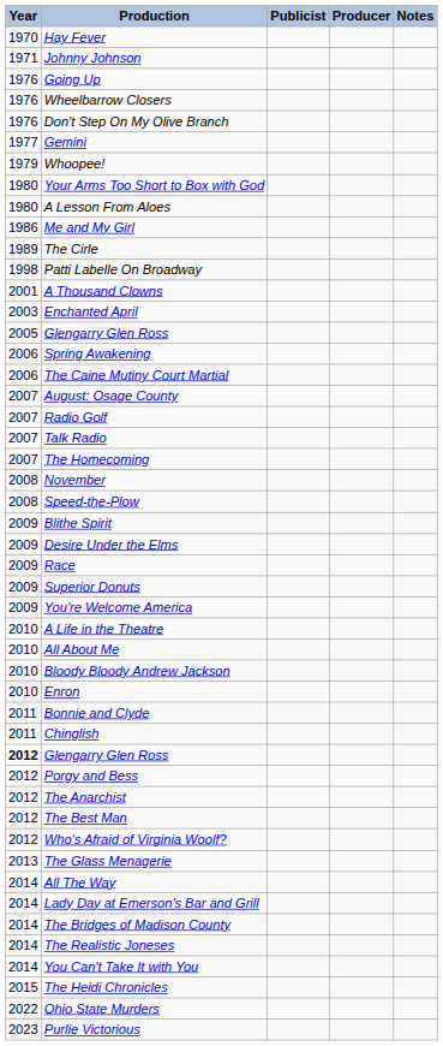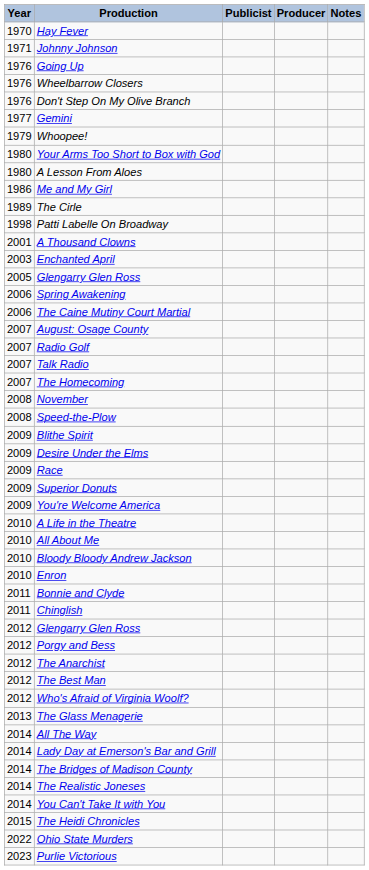 <table class="wikitable sortable" style="font-size: 95%;">
 <tr>
 <th scope="col" style="background:#B0C4DE;">Year</th>
 <th scope="col" style="background:#B0C4DE;">Production</th>
 <th scope="col" style="background:#B0C4DE;">Publicist</th>
 <th scope="col" style="background:#B0C4DE;">Producer</th>
 <th scope="col" style="background:#B0C4DE;">Notes</th>
 </tr>
 <tr>
 <td>1970</td>
 <td><em><a href='#'>Hay Fever</a></em></td>
 <td></td>
 <td></td>
 <td></td>
 </tr>
 <tr>
 <td>1971</td>
 <td><em><a href='#'>Johnny Johnson</a></em></td>
 <td></td>
 <td></td>
 <td></td>
 </tr>
 <tr>
 <td>1976</td>
 <td><em><a href='#'>Going Up</a></em></td>
 <td></td>
 <td></td>
 <td></td>
 </tr>
 <tr>
 <td>1976</td>
 <td><em>Wheelbarrow Closers</em></td>
 <td></td>
 <td></td>
 <td></td>
 </tr>
 <tr>
 <td>1976</td>
 <td><em>Don't Step On My Olive Branch</em></td>
 <td></td>
 <td></td>
 <td></td>
 </tr>
 <tr>
 <td>1977</td>
 <td><em><a href='#'>Gemini</a></em></td>
 <td></td>
 <td></td>
 <td></td>
 </tr>
 <tr>
 <td>1979</td>
 <td><em>Whoopee!</em></td>
 <td></td>
 <td></td>
 <td></td>
 </tr>
 <tr>
 <td>1980</td>
 <td><em><a href='#'>Your Arms Too Short to Box with God</a></em></td>
 <td></td>
 <td></td>
 <td></td>
 </tr>
 <tr>
 <td>1980</td>
 <td><em>A Lesson From Aloes</em></td>
 <td></td>
 <td></td>
 <td></td>
 </tr>
 <tr>
 <td>1986</td>
 <td><em><a href='#'>Me and My Girl</a></em></td>
 <td></td>
 <td></td>
 <td></td>
 </tr>
 <tr>
 <td>1989</td>
 <td><em>The Cirle</em></td>
 <td></td>
 <td></td>
 <td></td>
 </tr>
 <tr>
 <td>1998</td>
 <td><em>Patti Labelle On Broadway</em></td>
 <td></td>
 <td></td>
 <td></td>
 </tr>
 <tr>
 <td>2001</td>
 <td><em><a href='#'>A Thousand Clowns</a></em></td>
 <td></td>
 <td></td>
 <td></td>
 </tr>
 <tr>
 <td>2003</td>
 <td><em><a href='#'>Enchanted April</a></em></td>
 <td></td>
 <td></td>
 <td></td>
 </tr>
 <tr>
 <td>2005</td>
 <td><em><a href='#'>Glengarry Glen Ross</a></em></td>
 <td></td>
 <td></td>
 <td></td>
 </tr>
 <tr>
 <td>2006</td>
 <td><em><a href='#'>Spring Awakening</a></em></td>
 <td></td>
 <td></td>
 <td></td>
 </tr>
 <tr>
 <td>2006</td>
 <td><em><a href='#'>The Caine Mutiny Court Martial</a></em></td>
 <td></td>
 <td></td>
 <td></td>
 </tr>
 <tr>
 <td>2007</td>
 <td><em><a href='#'>August: Osage County</a></em></td>
 <td></td>
 <td></td>
 <td></td>
 </tr>
 <tr>
 <td>2007</td>
 <td><em><a href='#'>Radio Golf</a></em></td>
 <td></td>
 <td></td>
 <td></td>
 </tr>
 <tr>
 <td>2007</td>
 <td><em><a href='#'>Talk Radio</a></em></td>
 <td></td>
 <td></td>
 <td></td>
 </tr>
 <tr>
 <td>2007</td>
 <td><em><a href='#'>The Homecoming</a></em></td>
 <td></td>
 <td></td>
 <td></td>
 </tr>
 <tr>
 <td>2008</td>
 <td><em><a href='#'>November</a></em></td>
 <td></td>
 <td></td>
 <td></td>
 </tr>
 <tr>
 <td>2008</td>
 <td><em><a href='#'>Speed-the-Plow</a></em></td>
 <td></td>
 <td></td>
 <td></td>
 </tr>
 <tr>
 <td>2009</td>
 <td><em><a href='#'>Blithe Spirit</a></em></td>
 <td></td>
 <td></td>
 <td></td>
 </tr>
 <tr>
 <td>2009</td>
 <td><em><a href='#'>Desire Under the Elms</a></em></td>
 <td></td>
 <td></td>
 <td></td>
 </tr>
 <tr>
 <td>2009</td>
 <td><em><a href='#'>Race</a></em></td>
 <td></td>
 <td></td>
 <td></td>
 </tr>
 <tr>
 <td>2009</td>
 <td><em><a href='#'>Superior Donuts</a></em></td>
 <td></td>
 <td></td>
 <td></td>
 </tr>
 <tr>
 <td>2009</td>
 <td><em><a href='#'>You're Welcome America</a></em></td>
 <td></td>
 <td></td>
 <td></td>
 </tr>
 <tr>
 <td>2010</td>
 <td><em><a href='#'>A Life in the Theatre</a></em></td>
 <td></td>
 <td></td>
 <td></td>
 </tr>
 <tr>
 <td>2010</td>
 <td><em><a href='#'>All About Me</a></em></td>
 <td></td>
 <td></td>
 <td></td>
 </tr>
 <tr>
 <td>2010</td>
 <td><em><a href='#'>Bloody Bloody Andrew Jackson</a></em></td>
 <td></td>
 <td></td>
 <td></td>
 </tr>
 <tr>
 <td>2010</td>
 <td><em><a href='#'>Enron</a></em></td>
 <td></td>
 <td></td>
 <td></td>
 </tr>
 <tr>
 <td>2011</td>
 <td><em><a href='#'>Bonnie and Clyde</a></em></td>
 <td></td>
 <td></td>
 <td></td>
 </tr>
 <tr>
 <td>2011</td>
 <td><em><a href='#'>Chinglish</a></em></td>
 <td></td>
 <td></td>
 <td></td>
 </tr>
 <tr>
-<td><strong>2012</strong></td>
+<td>2012</td>
 <td><em><a href='#'>Glengarry Glen Ross</a></em></td>
 <td></td>
 <td></td>
 <td></td>
 </tr>
 <tr>
 <td>2012</td>
 <td><em><a href='#'>Porgy and Bess</a></em></td>
 <td></td>
 <td></td>
 <td></td>
 </tr>
 <tr>
 <td>2012</td>
 <td><em><a href='#'>The Anarchist</a></em></td>
 <td></td>
 <td></td>
 <td></td>
 </tr>
 <tr>
 <td>2012</td>
 <td><em><a href='#'>The Best Man</a></em></td>
 <td></td>
 <td></td>
 <td></td>
 </tr>
 <tr>
 <td>2012</td>
 <td><em><a href='#'>Who's Afraid of Virginia Woolf?</a></em></td>
 <td></td>
 <td></td>
 <td></td>
 </tr>
 <tr>
 <td>2013</td>
 <td><em><a href='#'>The Glass Menagerie</a></em></td>
 <td></td>
 <td></td>
 <td></td>
 </tr>
 <tr>
 <td>2014</td>
 <td><em><a href='#'>All The Way</a></em></td>
 <td></td>
 <td></td>
 <td></td>
 </tr>
 <tr>
 <td>2014</td>
 <td><em><a href='#'>Lady Day at Emerson's Bar and Grill</a></em></td>
 <td></td>
 <td></td>
 <td></td>
 </tr>
 <tr>
 <td>2014</td>
 <td><em><a href='#'>The Bridges of Madison County</a></em></td>
 <td></td>
 <td></td>
 <td></td>
 </tr>
 <tr>
 <td>2014</td>
 <td><em><a href='#'>The Realistic Joneses</a></em></td>
 <td></td>
 <td></td>
 <td></td>
 </tr>
 <tr>
 <td>2014</td>
 <td><em><a href='#'>You Can't Take It with You</a></em></td>
 <td></td>
 <td></td>
 <td></td>
 </tr>
 <tr>
 <td>2015</td>
 <td><em><a href='#'>The Heidi Chronicles</a></em></td>
 <td></td>
 <td></td>
 <td></td>
 </tr>
 <tr>
 <td>2022</td>
 <td><em><a href='#'>Ohio State Murders</a></em></td>
 <td></td>
 <td></td>
 <td></td>
 </tr>
 <tr>
 <td>2023</td>
 <td><em><a href='#'>Purlie Victorious</a></em></td>
 <td></td>
 <td></td>
 <td></td>
 </tr>
 </table>
